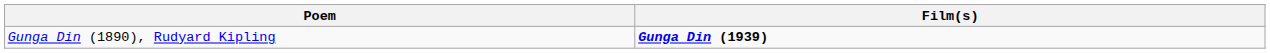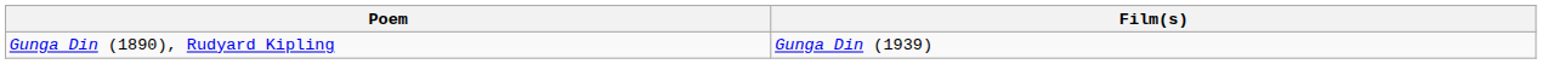 <table class="wikitable">
 <tr>
 <th width="600">Poem</th>
 <th width="600">Film(s)</th>
 </tr>
 <tr>
 <td><em><a href='#'>Gunga Din</a></em> (1890), <a href='#'>Rudyard Kipling</a></td>
-<td><strong><em><a href='#'>Gunga Din</a></em> (1939)</strong></td>
+<td><em><a href='#'>Gunga Din</a></em> (1939)</td>
 </tr>
 </table>
